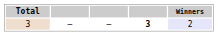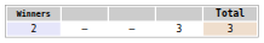 <table style="border: 1px solid #999; background-color:#FFFFFF; line-height:16px; text-align:center">
 <tr>
-<th style="background-color: #ccc;" width="70">Total</th>
+<th style="background-color: #ccc;" width="70"><small>Winners</small></th>
 <th style="background-color: #ccc;" width="60"><small></small></th>
 <th style="background-color: #ccc;" width="60"><small></small></th>
 <th style="background-color: #ccc;" width="60"><small></small></th>
-<th style="background-color: #ccc;" width="70"><small>Winners</small></th>
+<th style="background-color: #ccc;" width="70">Total</th>
 </tr>
 <tr>
-<td bgcolor=#EFDECD>3</td>
+<td bgcolor="#E6E6FA">2</td>
 <td>—</td>
 <td>—</td>
-<td><strong>3</strong></td>
-<td bgcolor="#E6E6FA">2</td>
+<td>3</td>
+<td bgcolor=#EFDECD>3</td>
 </tr>
 </table>
